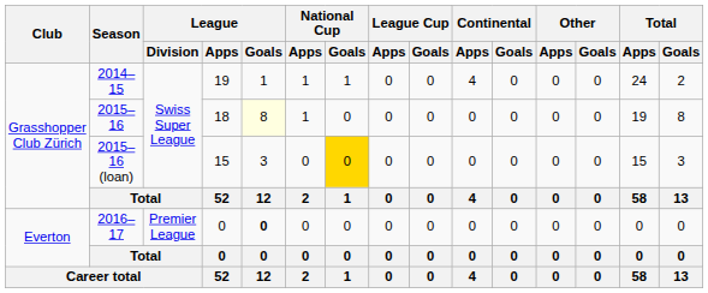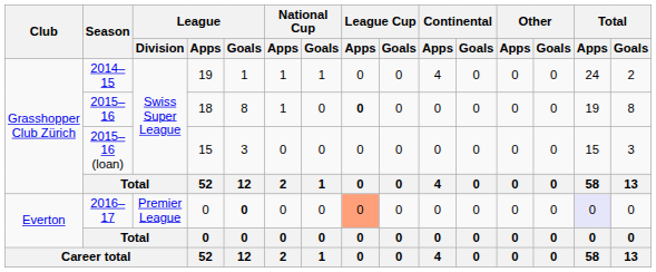 <table class="wikitable" style="text-align: center;">
 <tr>
 <th rowspan="2">Club</th>
 <th rowspan="2">Season</th>
 <th colspan="3">League</th>
 <th colspan="2">National Cup</th>
 <th colspan="2">League Cup</th>
 <th colspan="2">Continental</th>
 <th colspan="2">Other</th>
 <th colspan="2">Total</th>
 </tr>
 <tr>
 <th>Division</th>
 <th>Apps</th>
 <th>Goals</th>
 <th>Apps</th>
 <th>Goals</th>
 <th>Apps</th>
 <th>Goals</th>
 <th>Apps</th>
 <th>Goals</th>
 <th>Apps</th>
 <th>Goals</th>
 <th>Apps</th>
 <th>Goals</th>
 </tr>
 <tr>
 <td rowspan="4" valign="center"><a href='#'>Grasshopper Club Zürich</a></td>
 <td><a href='#'>2014–15</a></td>
 <td rowspan="3"><a href='#'>Swiss Super League</a></td>
 <td>19</td>
 <td>1</td>
 <td>1</td>
 <td>1</td>
 <td>0</td>
 <td>0</td>
 <td>4</td>
 <td>0</td>
 <td>0</td>
 <td>0</td>
 <td>24</td>
 <td>2</td>
 </tr>
 <tr>
 <td><a href='#'>2015–16</a></td>
 <td>18</td>
-<td style="background: lightyellow;">8</td>
+<td>8</td>
 <td>1</td>
 <td>0</td>
-<td>0</td>
+<td><strong>0</strong></td>
 <td>0</td>
 <td>0</td>
 <td>0</td>
 <td>0</td>
 <td>0</td>
 <td>19</td>
 <td>8</td>
 </tr>
 <tr>
 <td><a href='#'>2015–16</a> (loan)</td>
 <td>15</td>
 <td>3</td>
 <td>0</td>
-<td style="background: gold;">0</td>
+<td>0</td>
 <td>0</td>
 <td>0</td>
 <td>0</td>
 <td>0</td>
 <td>0</td>
 <td>0</td>
 <td>15</td>
 <td>3</td>
 </tr>
 <tr>
 <th colspan="2">Total</th>
 <th>52</th>
 <th>12</th>
 <th>2</th>
 <th>1</th>
 <th>0</th>
 <th>0</th>
 <th>4</th>
 <th>0</th>
 <th>0</th>
 <th>0</th>
 <th>58</th>
 <th>13</th>
 </tr>
 <tr>
 <td rowspan="2" valign="center"><a href='#'>Everton</a></td>
 <td><a href='#'>2016–17</a></td>
 <td><a href='#'>Premier League</a></td>
 <td>0</td>
 <td><strong>0</strong></td>
 <td>0</td>
 <td>0</td>
+<td style="background: lightsalmon;">0</td>
 <td>0</td>
 <td>0</td>
 <td>0</td>
 <td>0</td>
 <td>0</td>
-<td>0</td>
-<td>0</td>
+<td style="background: lavender;">0</td>
 <td>0</td>
 </tr>
 <tr>
 <th colspan="2">Total</th>
 <th>0</th>
 <th>0</th>
 <th>0</th>
 <th>0</th>
 <th>0</th>
 <th>0</th>
 <th>0</th>
 <th>0</th>
 <th>0</th>
 <th>0</th>
 <th>0</th>
 <th>0</th>
 </tr>
 <tr>
 <th colspan="3">Career total</th>
 <th>52</th>
 <th>12</th>
 <th>2</th>
 <th>1</th>
 <th>0</th>
 <th>0</th>
 <th>4</th>
 <th>0</th>
 <th>0</th>
 <th>0</th>
 <th>58</th>
 <th>13</th>
 </tr>
 </table>
